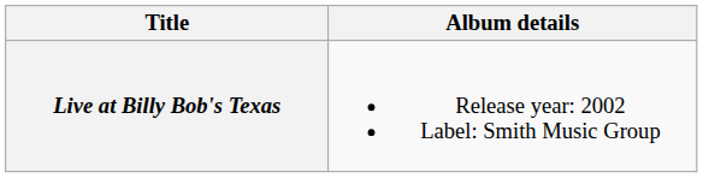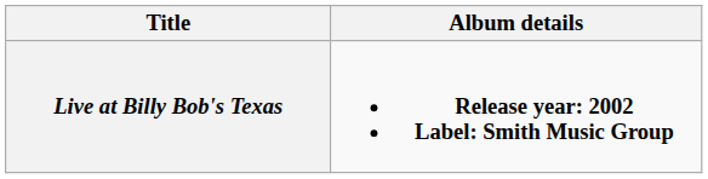 <table class="wikitable plainrowheaders" style="text-align:center;">
 <tr>
 <th style="width:14em;">Title</th>
 <th style="width:16em;">Album details</th>
 </tr>
 <tr>
 <th scope="row"><em>Live at Billy Bob's Texas</em></th>
-<td><br><ul><li>Release year: 2002</li><li>Label: Smith Music Group</li></ul></td>
+<td><strong><br><ul><li>Release year: 2002</li><li>Label: Smith Music Group</li></ul></strong></td>
 </tr>
 </table>
